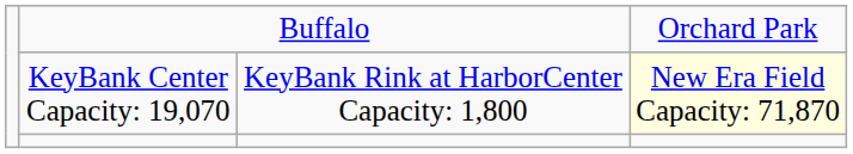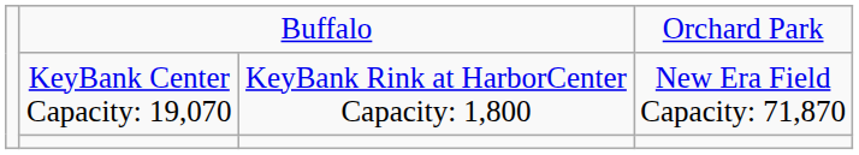 <table class="wikitable" style="text-align:center;">
 <tr>
 <td rowspan="3"></td>
 <td colspan=2><a href='#'>Buffalo</a></td>
 <td><a href='#'>Orchard Park</a></td>
 </tr>
 <tr>
 <td><a href='#'>KeyBank Center</a><br>Capacity: 19,070</td>
 <td><a href='#'>KeyBank Rink at HarborCenter</a><br>Capacity: 1,800</td>
-<td style="background: lightyellow;"><a href='#'>New Era Field</a><br>Capacity: 71,870</td>
+<td><a href='#'>New Era Field</a><br>Capacity: 71,870</td>
 </tr>
 <tr>
 <td></td>
 <td></td>
 <td></td>
 </tr>
 </table>
